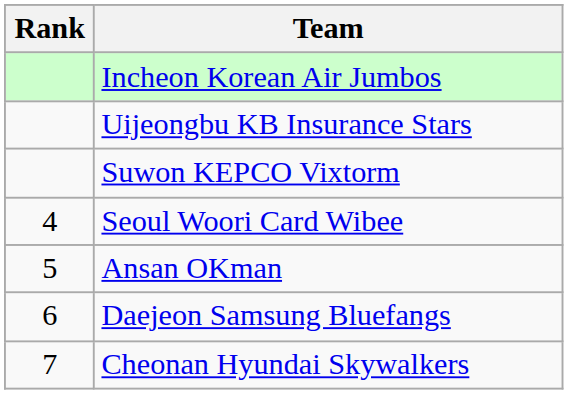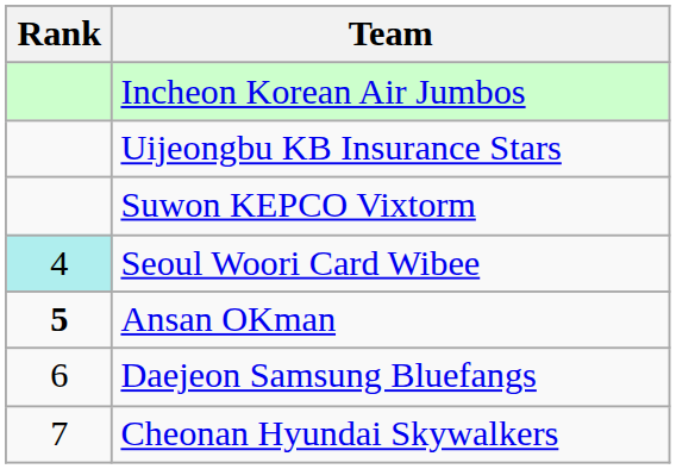 <table class="wikitable" style="text-align: center;">
 <tr>
 <th width=40>Rank</th>
 <th width=240>Team</th>
 </tr>
 <tr bgcolor=#ccffcc>
 <td></td>
 <td align=left><a href='#'>Incheon Korean Air Jumbos</a></td>
 </tr>
 <tr>
 <td></td>
 <td align=left><a href='#'>Uijeongbu KB Insurance Stars</a></td>
 </tr>
 <tr>
 <td></td>
 <td align=left><a href='#'>Suwon KEPCO Vixtorm</a></td>
 </tr>
 <tr>
-<td>4</td>
+<td style="background: paleturquoise;">4</td>
 <td align=left><a href='#'>Seoul Woori Card Wibee</a></td>
 </tr>
 <tr>
-<td>5</td>
+<td><strong>5</strong></td>
 <td align=left><a href='#'>Ansan OKman</a></td>
 </tr>
 <tr>
 <td>6</td>
 <td align=left><a href='#'>Daejeon Samsung Bluefangs</a></td>
 </tr>
 <tr>
 <td>7</td>
 <td align=left><a href='#'>Cheonan Hyundai Skywalkers</a></td>
 </tr>
 </table>
